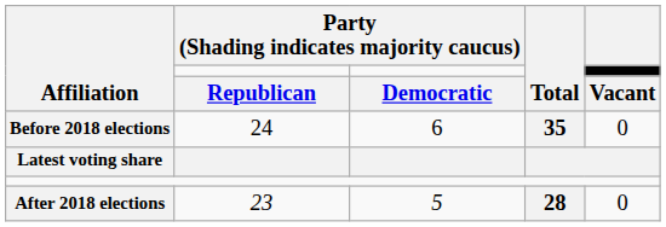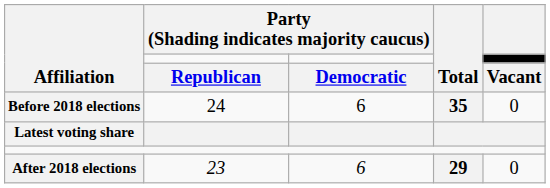 <table class=wikitable style="text-align:center">
 <tr style="vertical-align:bottom;">
 <th rowspan=3>Affiliation</th>
 <th colspan=2>Party <div>(Shading indicates majority caucus)</div></th>
 <th rowspan=3>Total</th>
 <th></th>
 </tr>
 <tr style="height:5px">
 <td style="background-color:"></td>
 <td style="background-color:"></td>
 <td style="background-color:black"></td>
 </tr>
 <tr>
 <th><a href='#'>Republican</a></th>
 <th><a href='#'>Democratic</a></th>
 <th>Vacant</th>
 </tr>
 <tr>
 <th nowrap style="font-size:80%">Before 2018 elections</th>
 <td>24</td>
 <td>6</td>
 <th>35</th>
 <td>0</td>
 </tr>
 <tr>
 <th nowrap style="font-size:80%">Latest voting share</th>
 <th></th>
 <th></th>
 <th colspan=3></th>
 </tr>
 <tr>
 <td colspan=5></td>
 </tr>
 <tr>
 <th nowrap style="font-size:80%">After 2018 elections</th>
 <td><em>23</em></td>
-<td><em>5</em></td>
-<th>28</th>
+<td><em>6</em></td>
+<th>29</th>
 <td>0</td>
 </tr>
 </table>
